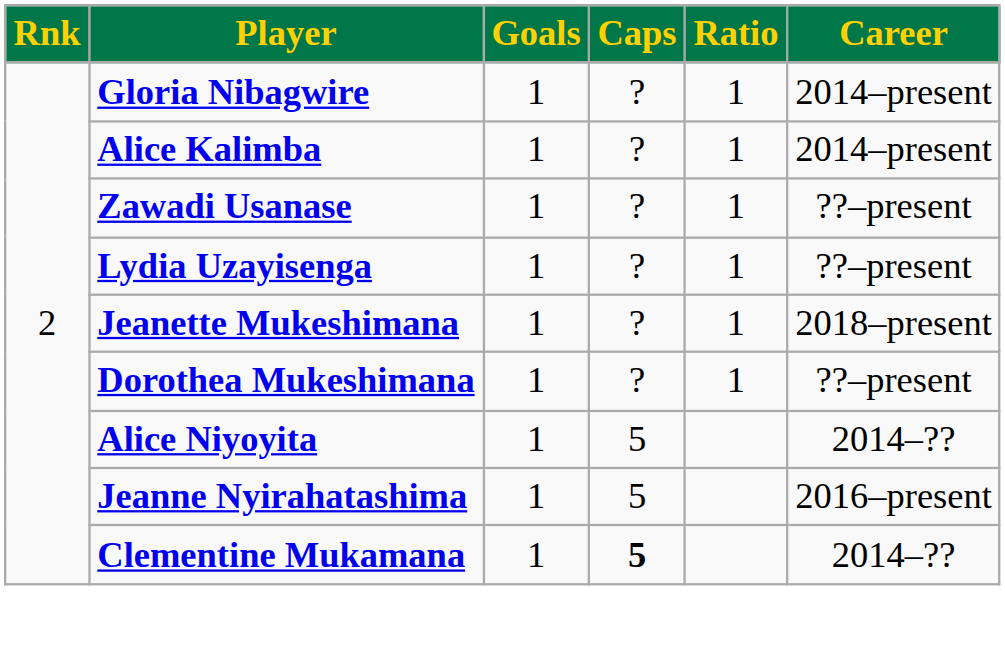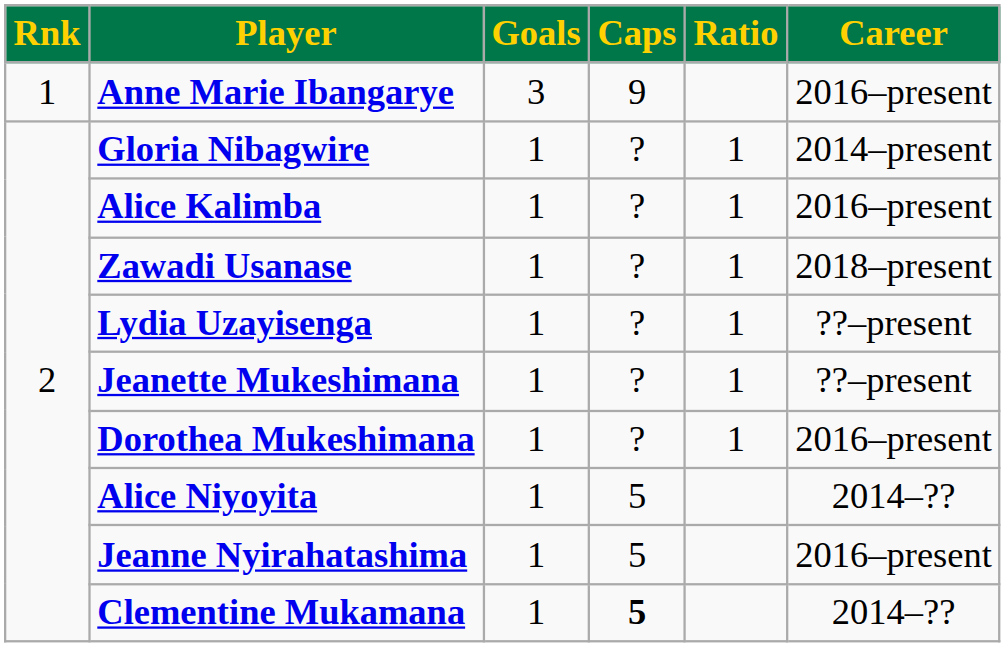 <table class="wikitable sortable"; style="text-align:center;">
 <tr>
 <td style="background: #007749; color: #FFD100;"><strong>Rnk</strong></td>
 <td style="background: #007749; color: #FFD100;"><strong>Player</strong></td>
 <td style="background: #007749; color: #FFD100;"><strong>Goals</strong></td>
 <td style="background: #007749; color: #FFD100;"><strong>Caps</strong></td>
 <td style="background: #007749; color: #FFD100;"><strong>Ratio</strong></td>
 <td style="background: #007749; color: #FFD100;"><strong>Career</strong></td>
+</tr>
+<tr>
+<td>1</td>
+<td style="text-align:left;"><strong><a href='#'>Anne Marie Ibangarye</a></strong></td>
+<td>3</td>
+<td>9</td>
+<td></td>
+<td>2016–present</td>
 </tr>
 <tr>
 <td rowspan="9">2</td>
 <td style="text-align:left;"><strong><a href='#'>Gloria Nibagwire</a></strong></td>
 <td>1</td>
 <td>?</td>
 <td>1</td>
 <td>2014–present</td>
 </tr>
 <tr>
 <td style="text-align:left;"><strong><a href='#'>Alice Kalimba</a></strong></td>
 <td>1</td>
 <td>?</td>
 <td>1</td>
-<td>2014–present</td>
+<td>2016–present</td>
 </tr>
 <tr>
 <td style="text-align:left;"><strong><a href='#'>Zawadi Usanase</a></strong></td>
 <td>1</td>
 <td>?</td>
 <td>1</td>
-<td>??–present</td>
+<td>2018–present</td>
 </tr>
 <tr>
 <td style="text-align:left;"><strong><a href='#'>Lydia Uzayisenga</a></strong></td>
 <td>1</td>
 <td>?</td>
 <td>1</td>
 <td>??–present</td>
 </tr>
 <tr>
 <td style="text-align:left;"><strong><a href='#'>Jeanette Mukeshimana</a></strong></td>
 <td>1</td>
 <td>?</td>
 <td>1</td>
-<td>2018–present</td>
+<td>??–present</td>
 </tr>
 <tr>
 <td style="text-align:left;"><strong><a href='#'>Dorothea Mukeshimana</a></strong></td>
 <td>1</td>
 <td>?</td>
 <td>1</td>
-<td>??–present</td>
+<td>2016–present</td>
 </tr>
 <tr>
 <td style="text-align:left;"><strong><a href='#'>Alice Niyoyita</a></strong></td>
 <td>1</td>
 <td>5</td>
 <td></td>
 <td>2014–??</td>
 </tr>
 <tr>
 <td style="text-align:left;"><strong><a href='#'>Jeanne Nyirahatashima</a></strong></td>
 <td>1</td>
 <td>5</td>
 <td></td>
 <td>2016–present</td>
 </tr>
 <tr>
 <td style="text-align:left;"><strong><a href='#'>Clementine Mukamana</a></strong></td>
 <td>1</td>
 <td><strong>5</strong></td>
 <td></td>
 <td>2014–??</td>
 </tr>
 </table>
